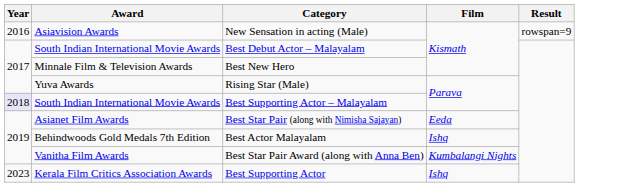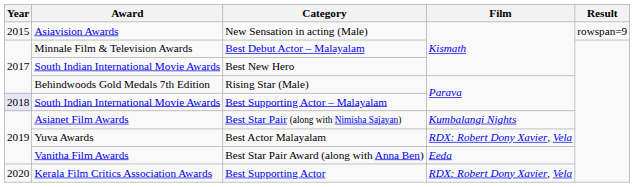 <table class="wikitable">
 <tr>
 <th>Year</th>
 <th>Award</th>
 <th>Category</th>
 <th>Film</th>
 <th>Result</th>
 </tr>
 <tr>
-<td>2016</td>
+<td>2015</td>
 <td><a href='#'>Asiavision Awards</a></td>
 <td>New Sensation in acting (Male)</td>
 <td rowspan=3><em><a href='#'>Kismath</a></em></td>
 <td>rowspan=9 </td>
 </tr>
 <tr>
 <td rowspan=3>2017</td>
-<td><a href='#'>South Indian International Movie Awards</a></td>
+<td>Minnale Film & Television Awards</td>
 <td><a href='#'>Best Debut Actor – Malayalam</a></td>
 </tr>
 <tr>
-<td>Minnale Film & Television Awards</td>
+<td><a href='#'>South Indian International Movie Awards</a></td>
 <td>Best New Hero</td>
 </tr>
 <tr>
-<td>Yuva Awards</td>
+<td>Behindwoods Gold Medals 7th Edition</td>
 <td>Rising Star (Male)</td>
 <td rowspan=2><em><a href='#'>Parava</a></em></td>
 </tr>
 <tr>
 <td style="background: lavender;">2018</td>
 <td><a href='#'>South Indian International Movie Awards</a></td>
 <td><a href='#'>Best Supporting Actor – Malayalam</a></td>
 </tr>
 <tr>
 <td rowspan=3>2019</td>
 <td><a href='#'>Asianet Film Awards</a></td>
 <td><a href='#'>Best Star Pair</a> <small>(along with <a href='#'>Nimisha Sajayan</a>)</small></td>
-<td><em><a href='#'>Eeda</a></em></td>
+<td><em><a href='#'>Kumbalangi Nights</a></em></td>
 </tr>
 <tr>
-<td>Behindwoods Gold Medals 7th Edition</td>
+<td>Yuva Awards</td>
 <td>Best Actor Malayalam</td>
-<td><em><a href='#'>Ishq</a></em></td>
+<td><em><a href='#'>RDX: Robert Dony Xavier</a></em>, <em><a href='#'>Vela</a></em></td>
 </tr>
 <tr>
 <td><a href='#'>Vanitha Film Awards</a></td>
 <td>Best Star Pair Award (along with <a href='#'>Anna Ben</a>)</td>
-<td><em><a href='#'>Kumbalangi Nights</a></em></td>
+<td><em><a href='#'>Eeda</a></em></td>
 </tr>
 <tr>
-<td>2023</td>
+<td>2020</td>
 <td><a href='#'>Kerala Film Critics Association Awards</a></td>
 <td><a href='#'>Best Supporting Actor</a></td>
-<td><em><a href='#'>Ishq</a></em></td>
+<td><em><a href='#'>RDX: Robert Dony Xavier</a></em>, <em><a href='#'>Vela</a></em></td>
 </tr>
 </table>
